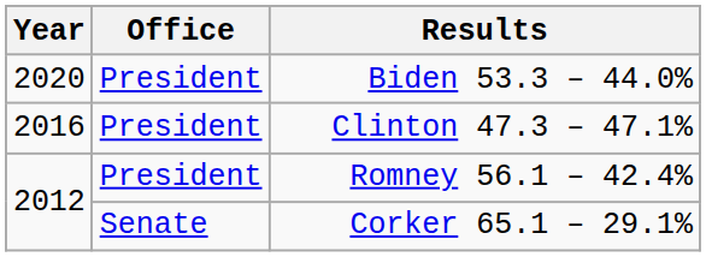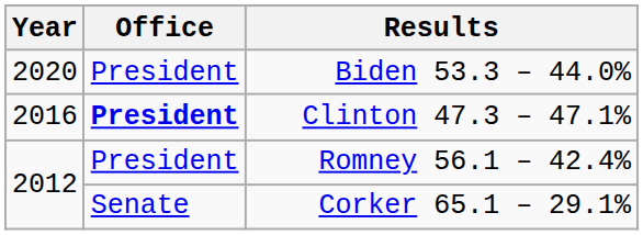 <table class=wikitable>
 <tr>
 <th width="30">Year</th>
 <th width="60">Office</th>
 <th width="180">Results</th>
 </tr>
 <tr>
 <td>2020</td>
 <td><a href='#'>President</a></td>
 <td align="right" ><a href='#'>Biden</a> 53.3 – 44.0%</td>
 </tr>
 <tr>
 <td>2016</td>
-<td><a href='#'>President</a></td>
+<td><strong><a href='#'>President</a></strong></td>
 <td align="right" ><a href='#'>Clinton</a> 47.3 – 47.1%</td>
 </tr>
 <tr>
 <td rowspan="2">2012</td>
 <td><a href='#'>President</a></td>
 <td align="right" ><a href='#'>Romney</a> 56.1 – 42.4%</td>
 </tr>
 <tr>
 <td><a href='#'>Senate</a></td>
 <td align="right" ><a href='#'>Corker</a> 65.1 – 29.1%</td>
 </tr>
 </table>
